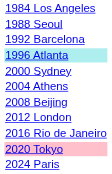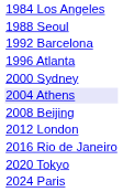 <table>
 <tr valign="top">
 <td><a href='#'>1984 Los Angeles</a><br></td>
 <td></td>
 <td></td>
 <td><br> </td>
 </tr>
 <tr valign="top">
 <td><a href='#'>1988 Seoul</a><br></td>
 <td></td>
 <td></td>
 <td> <br></td>
 </tr>
 <tr valign="top">
 <td><a href='#'>1992 Barcelona</a><br></td>
 <td></td>
 <td></td>
 <td><br></td>
 </tr>
 <tr valign="top">
-<td style="background: paleturquoise;"><a href='#'>1996 Atlanta</a><br></td>
+<td><a href='#'>1996 Atlanta</a><br></td>
 <td></td>
 <td></td>
 <td><br> </td>
 </tr>
 <tr valign="top">
 <td><a href='#'>2000 Sydney</a><br></td>
 <td></td>
 <td></td>
 <td><br> </td>
 </tr>
 <tr valign="top">
-<td><a href='#'>2004 Athens</a><br></td>
+<td style="background: lavender;"><a href='#'>2004 Athens</a><br></td>
 <td></td>
 <td></td>
 <td><br></td>
 </tr>
 <tr valign="top">
 <td><a href='#'>2008 Beijing</a><br></td>
 <td></td>
 <td></td>
 <td><br> </td>
 </tr>
 <tr valign="top">
 <td><a href='#'>2012 London</a><br></td>
 <td></td>
 <td></td>
 <td><br> </td>
 </tr>
 <tr valign="top">
 <td><a href='#'>2016 Rio de Janeiro</a><br></td>
 <td></td>
 <td></td>
 <td><br></td>
 </tr>
 <tr valign="top">
-<td style="background: pink;"><a href='#'>2020 Tokyo</a><br></td>
+<td><a href='#'>2020 Tokyo</a><br></td>
 <td></td>
 <td></td>
 <td><br></td>
 </tr>
 <tr valign="top">
 <td><a href='#'>2024 Paris</a><br></td>
 <td></td>
 <td></td>
 <td><br></td>
 </tr>
 </table>
